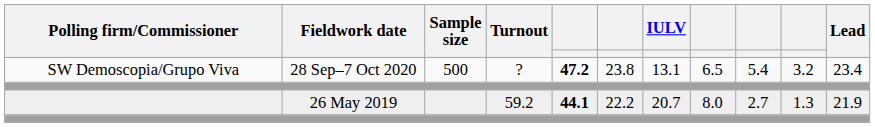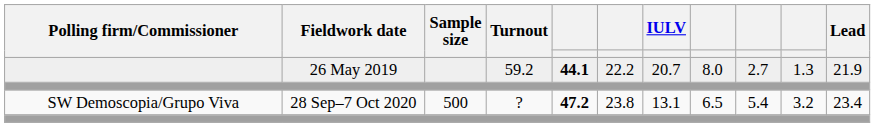 <table class="wikitable collapsible collapsed" style="text-align:center; font-size:95%; line-height:16px;">
 <tr style="height:42px;">
 <th style="width:250px;" rowspan="2">Polling firm/Commissioner</th>
 <th style="width:125px;" rowspan="2">Fieldwork date</th>
 <th style="width:50px;" rowspan="2">Sample size</th>
 <th style="width:45px;" rowspan="2">Turnout</th>
 <th style="width:35px;"></th>
 <th style="width:35px;"></th>
 <th style="width:35px;"><a href='#'>IULV</a></th>
 <th style="width:35px;"></th>
 <th style="width:35px;"></th>
 <th style="width:35px;"></th>
 <th style="width:30px;" rowspan="2">Lead</th>
 </tr>
 <tr>
 <th style="color:inherit;background:"></th>
 <th style="color:inherit;background:"></th>
 <th style="color:inherit;background:"></th>
 <th style="color:inherit;background:"></th>
 <th style="color:inherit;background:"></th>
 <th style="color:inherit;background:"></th>
 </tr>
+<tr style="background:#EFEFEF;">
+<td><strong></strong></td>
+<td>26 May 2019</td>
+<td></td>
+<td>59.2</td>
+<td><strong>44.1</strong><br></td>
+<td>22.2<br></td>
+<td>20.7<br></td>
+<td>8.0<br></td>
+<td>2.7<br></td>
+<td>1.3<br></td>
+<td style="background:">21.9</td>
+</tr>
+<tr>
+<td colspan="11" style="background:#A0A0A0"></td>
+</tr>
 <tr>
 <td>SW Demoscopia/Grupo Viva</td>
 <td>28 Sep–7 Oct 2020</td>
 <td>500</td>
 <td>?</td>
 <td><strong>47.2</strong><br></td>
 <td>23.8<br></td>
 <td>13.1<br></td>
 <td>6.5<br></td>
 <td>5.4<br></td>
 <td>3.2<br></td>
 <td style="background:">23.4</td>
 </tr>
 <tr>
 <td colspan="11" style="background:#A0A0A0"></td>
 </tr>
-<tr style="background:#EFEFEF;">
-<td><strong></strong></td>
-<td>26 May 2019</td>
-<td></td>
-<td>59.2</td>
-<td><strong>44.1</strong><br></td>
-<td>22.2<br></td>
-<td>20.7<br></td>
-<td>8.0<br></td>
-<td>2.7<br></td>
-<td>1.3<br></td>
-<td style="background:">21.9</td>
-</tr>
-<tr>
-<td colspan="11" style="background:#A0A0A0"></td>
-</tr>
 </table>
